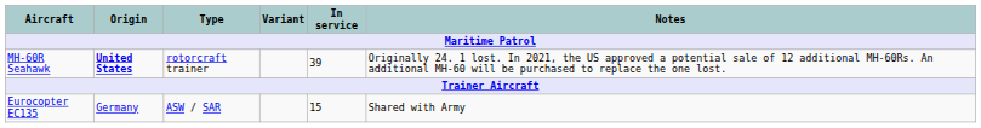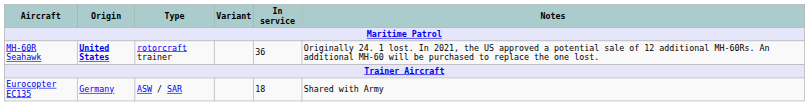 <table class="wikitable">
 <tr>
 <th style="text-align:center; background:#acc;">Aircraft</th>
 <th style="text-align: center; background:#acc;">Origin</th>
 <th style="text-align:l center; background:#acc;">Type</th>
 <th style="text-align:left; background:#acc;">Variant</th>
 <th style="text-align:center; background:#acc;">In service</th>
 <th style="text-align: center; background:#acc;">Notes</th>
 </tr>
 <tr>
 <th colspan="6" style="align: center; background: lavender;"><a href='#'>Maritime Patrol</a></th>
 </tr>
 <tr>
 <td><a href='#'>MH-60R Seahawk</a></td>
 <td><strong><a href='#'>United States</a></strong></td>
 <td><a href='#'>rotorcraft</a> trainer</td>
 <td></td>
-<td>39</td>
+<td>36</td>
 <td>Originally 24. 1 lost. In 2021, the US approved a potential sale of 12 additional MH-60Rs. An additional MH-60 will be purchased to replace the one lost.</td>
 </tr>
 <tr>
 <th colspan="6" style="align: center; background: lavender;"><a href='#'>Trainer Aircraft</a></th>
 </tr>
 <tr>
 <td><a href='#'>Eurocopter EC135</a></td>
 <td><a href='#'>Germany</a></td>
 <td><a href='#'>ASW</a> / <a href='#'>SAR</a></td>
 <td></td>
-<td>15</td>
+<td>18</td>
 <td>Shared with Army</td>
 </tr>
 </table>
